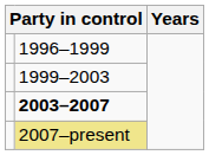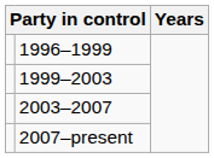 <table class="wikitable">
 <tr>
 <th colspan="2">Party in control</th>
 <th>Years</th>
 </tr>
 <tr>
 <td></td>
 <td>1996–1999</td>
 </tr>
 <tr>
 <td></td>
 <td>1999–2003</td>
 </tr>
 <tr>
 <td></td>
-<td><strong>2003–2007</strong></td>
+<td>2003–2007</td>
 </tr>
 <tr>
 <td></td>
-<td style="background: khaki;">2007–present</td>
+<td>2007–present</td>
 </tr>
 </table>
